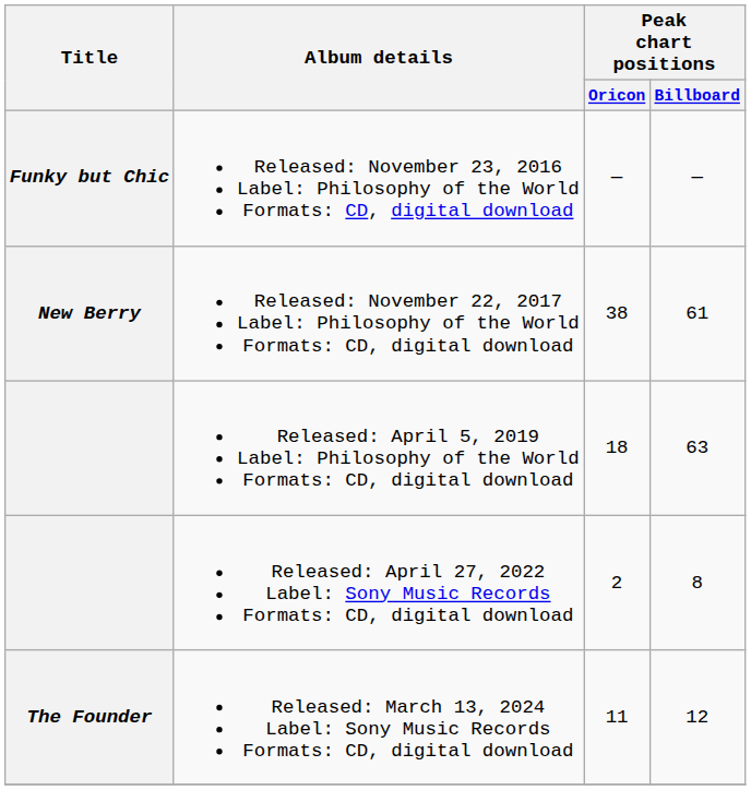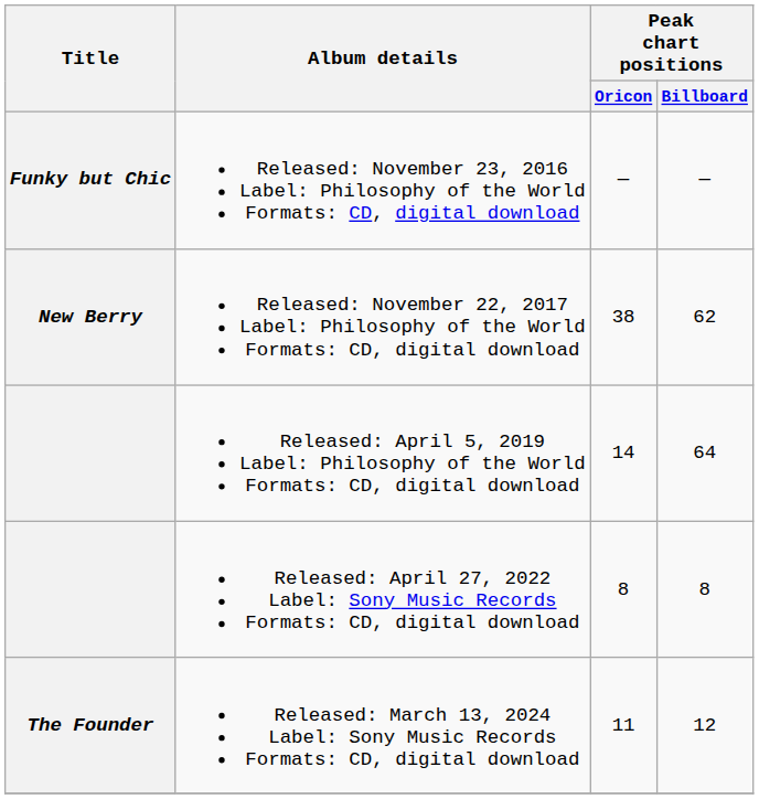 <table class="wikitable plainrowheaders" style="text-align:center;">
 <tr>
 <th scope="col" rowspan="2">Title</th>
 <th scope="col" rowspan="2">Album details</th>
 <th scope="col" colspan="2">Peak <br> chart <br> positions</th>
 </tr>
 <tr>
 <th scope="col"><small><a href='#'>Oricon</a></small><br></th>
 <th scope="col" colspan="1"><small><a href='#'>Billboard</a></small><br></th>
 </tr>
 <tr>
 <th scope="row"><em>Funky but Chic</em></th>
 <td><br><ul><li>Released: November 23, 2016</li><li>Label: Philosophy of the World</li><li>Formats: <a href='#'>CD</a>, <a href='#'>digital download</a></li></ul></td>
 <td>—</td>
 <td>—</td>
 </tr>
 <tr>
 <th scope="row"><em>New Berry</em></th>
 <td><br><ul><li>Released: November 22, 2017</li><li>Label: Philosophy of the World</li><li>Formats: CD, digital download</li></ul></td>
 <td>38</td>
-<td>61</td>
+<td>62</td>
 </tr>
 <tr>
 <th scope="row"></th>
 <td><br><ul><li>Released: April 5, 2019</li><li>Label: Philosophy of the World</li><li>Formats: CD, digital download</li></ul></td>
-<td>18</td>
-<td>63</td>
+<td>14</td>
+<td>64</td>
 </tr>
 <tr>
 <th scope="row"></th>
 <td><br><ul><li>Released: April 27, 2022</li><li>Label: <a href='#'>Sony Music Records</a></li><li>Formats: CD, digital download</li></ul></td>
-<td>2</td>
+<td>8</td>
 <td>8</td>
 </tr>
 <tr>
 <th scope="row"><em>The Founder</em></th>
 <td><br><ul><li>Released: March 13, 2024</li><li>Label: Sony Music Records</li><li>Formats: CD, digital download</li></ul></td>
 <td>11</td>
 <td>12</td>
 </tr>
 <tr>
 </tr>
 </table>
